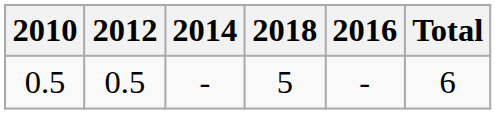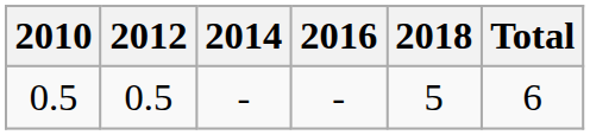 <table class="wikitable" style="text-align:center">
 <tr>
 <th>2010</th>
 <th>2012</th>
 <th>2014</th>
+<th>2016</th>
 <th>2018</th>
-<th>2016</th>
 <th>Total</th>
 </tr>
 <tr>
 <td>0.5</td>
 <td>0.5</td>
 <td>-</td>
+<td>-</td>
 <td>5</td>
-<td>-</td>
 <td>6</td>
 </tr>
 </table>
